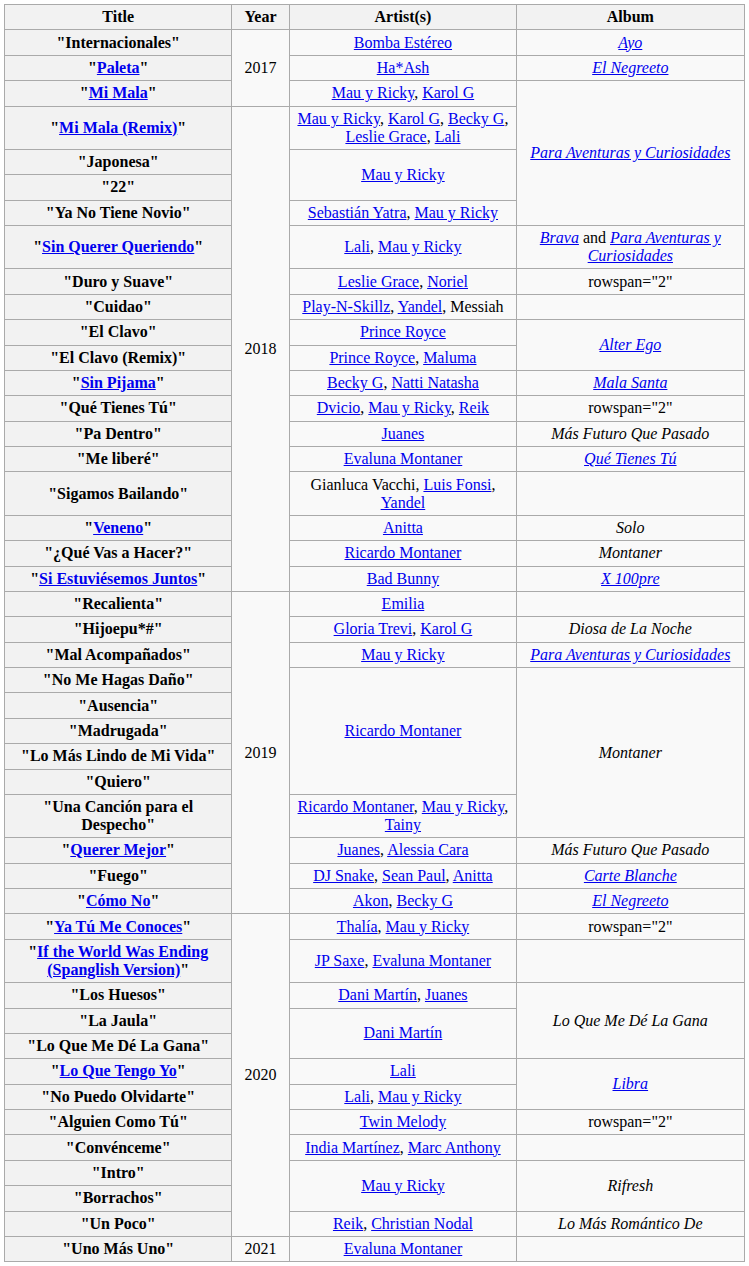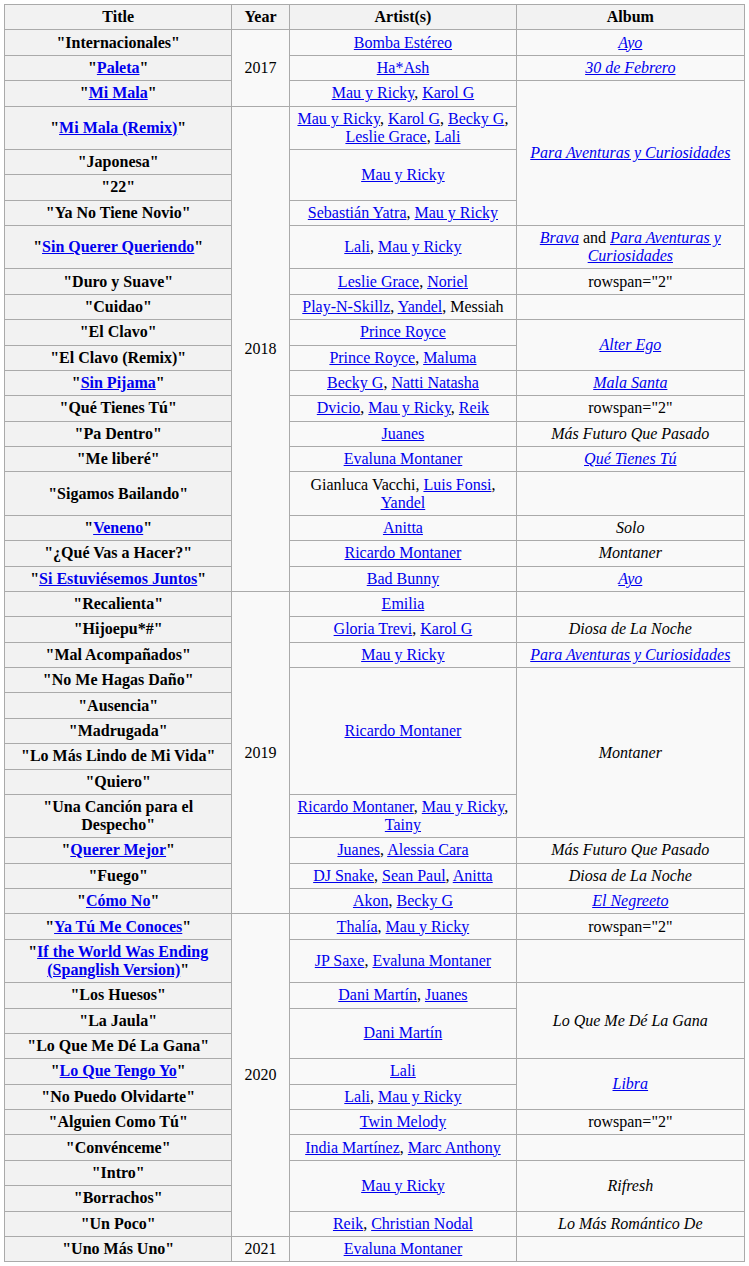 <table class="wikitable plainrowheaders" style="text-align:center;">
 <tr>
 <th scope="col" style="width:220px;">Title</th>
 <th scope="col" style="width:50px;">Year</th>
 <th scope="col" style="width:220px;">Artist(s)</th>
 <th scope="col" style="width:220px;">Album</th>
 </tr>
 <tr>
 <th scope="row">"Internacionales"</th>
 <td rowspan="3">2017</td>
 <td><a href='#'>Bomba Estéreo</a></td>
 <td><em><a href='#'>Ayo</a></em></td>
 </tr>
 <tr>
 <th scope="row">"<a href='#'>Paleta</a>"</th>
 <td><a href='#'>Ha*Ash</a></td>
-<td><em><a href='#'>El Negreeto</a></em></td>
+<td><em><a href='#'>30 de Febrero</a></em></td>
 </tr>
 <tr>
 <th scope="row">"<a href='#'>Mi Mala</a>"</th>
 <td><a href='#'>Mau y Ricky</a>, <a href='#'>Karol G</a></td>
 <td rowspan="5"><em><a href='#'>Para Aventuras y Curiosidades</a></em></td>
 </tr>
 <tr>
 <th scope="row">"<a href='#'>Mi Mala (Remix)</a>"</th>
 <td rowspan="17">2018</td>
 <td><a href='#'>Mau y Ricky</a>, <a href='#'>Karol G</a>, <a href='#'>Becky G</a>, <a href='#'>Leslie Grace</a>, <a href='#'>Lali</a></td>
 </tr>
 <tr>
 <th scope="row">"Japonesa"</th>
 <td rowspan="2"><a href='#'>Mau y Ricky</a></td>
 </tr>
 <tr>
 <th scope="row">"22"</th>
 </tr>
 <tr>
 <th scope="row">"Ya No Tiene Novio"</th>
 <td><a href='#'>Sebastián Yatra</a>, <a href='#'>Mau y Ricky</a></td>
 </tr>
 <tr>
 <th scope="row">"<a href='#'>Sin Querer Queriendo</a>"</th>
 <td><a href='#'>Lali</a>, <a href='#'>Mau y Ricky</a></td>
 <td><em><a href='#'>Brava</a></em> and <em><a href='#'>Para Aventuras y Curiosidades</a></em></td>
 </tr>
 <tr>
 <th scope="row">"Duro y Suave"</th>
 <td><a href='#'>Leslie Grace</a>, <a href='#'>Noriel</a></td>
 <td>rowspan="2" </td>
 </tr>
 <tr>
 <th scope="row">"Cuidao"</th>
 <td><a href='#'>Play-N-Skillz</a>, <a href='#'>Yandel</a>, Messiah</td>
 </tr>
 <tr>
 <th scope="row">"El Clavo"</th>
 <td><a href='#'>Prince Royce</a></td>
 <td rowspan="2"><em><a href='#'>Alter Ego</a></em></td>
 </tr>
 <tr>
 <th scope="row">"El Clavo (Remix)"</th>
 <td><a href='#'>Prince Royce</a>, <a href='#'>Maluma</a></td>
 </tr>
 <tr>
 <th scope="row">"<a href='#'>Sin Pijama</a>"</th>
 <td><a href='#'>Becky G</a>, <a href='#'>Natti Natasha</a></td>
 <td><em><a href='#'>Mala Santa</a></em></td>
 </tr>
 <tr>
 <th scope="row">"Qué Tienes Tú"</th>
 <td><a href='#'>Dvicio</a>, <a href='#'>Mau y Ricky</a>, <a href='#'>Reik</a></td>
 <td>rowspan="2" </td>
 </tr>
 <tr>
 <th scope="row">"Pa Dentro"</th>
 <td><a href='#'>Juanes</a></td>
 <td><em>Más Futuro Que Pasado</em></td>
 </tr>
 <tr>
 <th scope="row">"Me liberé"</th>
 <td><a href='#'>Evaluna Montaner</a></td>
 <td><em><a href='#'>Qué Tienes Tú</a></em></td>
 </tr>
 <tr>
 <th scope="row">"Sigamos Bailando"</th>
 <td>Gianluca Vacchi, <a href='#'>Luis Fonsi</a>, <a href='#'>Yandel</a></td>
 </tr>
 <tr>
 <th scope="row">"<a href='#'>Veneno</a>"</th>
 <td><a href='#'>Anitta</a></td>
 <td><em>Solo</em></td>
 </tr>
 <tr>
 <th scope="row">"¿Qué Vas a Hacer?"</th>
 <td><a href='#'>Ricardo Montaner</a></td>
 <td><em>Montaner</em></td>
 </tr>
 <tr>
 <th scope="row">"<a href='#'>Si Estuviésemos Juntos</a>"</th>
 <td><a href='#'>Bad Bunny</a></td>
-<td><em><a href='#'>X 100pre</a></em></td>
+<td><em><a href='#'>Ayo</a></em></td>
 </tr>
 <tr>
 <th scope="row">"Recalienta"</th>
 <td rowspan="12">2019</td>
 <td><a href='#'>Emilia</a></td>
 <td></td>
 </tr>
 <tr>
 <th scope="row">"Hijoepu*#"</th>
 <td><a href='#'>Gloria Trevi</a>, <a href='#'>Karol G</a></td>
 <td><em>Diosa de La Noche</em></td>
 </tr>
 <tr>
 <th scope="row">"Mal Acompañados"</th>
 <td><a href='#'>Mau y Ricky</a></td>
 <td><em><a href='#'>Para Aventuras y Curiosidades</a></em></td>
 </tr>
 <tr>
 <th scope="row">"No Me Hagas Daño"</th>
 <td rowspan="5"><a href='#'>Ricardo Montaner</a></td>
 <td rowspan="6"><em>Montaner</em></td>
 </tr>
 <tr>
 <th scope="row">"Ausencia"</th>
 </tr>
 <tr>
 <th scope="row">"Madrugada"</th>
 </tr>
 <tr>
 <th scope="row">"Lo Más Lindo de Mi Vida"</th>
 </tr>
 <tr>
 <th scope="row">"Quiero"</th>
 </tr>
 <tr>
 <th scope="row">"Una Canción para el Despecho"</th>
 <td><a href='#'>Ricardo Montaner</a>, <a href='#'>Mau y Ricky</a>, <a href='#'>Tainy</a></td>
 </tr>
 <tr>
 <th scope="row">"<a href='#'>Querer Mejor</a>"</th>
 <td><a href='#'>Juanes</a>, <a href='#'>Alessia Cara</a></td>
 <td><em>Más Futuro Que Pasado</em></td>
 </tr>
 <tr>
 <th scope="row">"Fuego"</th>
 <td><a href='#'>DJ Snake</a>, <a href='#'>Sean Paul</a>, <a href='#'>Anitta</a></td>
-<td><em><a href='#'>Carte Blanche</a></em></td>
+<td><em>Diosa de La Noche</em></td>
 </tr>
 <tr>
 <th scope="row">"<a href='#'>Cómo No</a>"</th>
 <td><a href='#'>Akon</a>, <a href='#'>Becky G</a></td>
 <td><em><a href='#'>El Negreeto</a></em></td>
 </tr>
 <tr>
 <th scope="row">"<a href='#'>Ya Tú Me Conoces</a>"</th>
 <td rowspan="12">2020</td>
 <td><a href='#'>Thalía</a>, <a href='#'>Mau y Ricky</a></td>
 <td>rowspan="2" </td>
 </tr>
 <tr>
 <th scope="row">"<a href='#'>If the World Was Ending (Spanglish Version)</a>"</th>
 <td><a href='#'>JP Saxe</a>, <a href='#'>Evaluna Montaner</a></td>
 </tr>
 <tr>
 <th scope="row">"Los Huesos"</th>
 <td><a href='#'>Dani Martín</a>, <a href='#'>Juanes</a></td>
 <td rowspan="3"><em>Lo Que Me Dé La Gana</em></td>
 </tr>
 <tr>
 <th scope="row">"La Jaula"</th>
 <td rowspan="2"><a href='#'>Dani Martín</a></td>
 </tr>
 <tr>
 <th scope="row">"Lo Que Me Dé La Gana"</th>
 </tr>
 <tr>
 <th scope="row">"<a href='#'>Lo Que Tengo Yo</a>"</th>
 <td><a href='#'>Lali</a></td>
 <td rowspan="2"><em><a href='#'>Libra</a></em></td>
 </tr>
 <tr>
 <th scope="row">"No Puedo Olvidarte"</th>
 <td><a href='#'>Lali</a>, <a href='#'>Mau y Ricky</a></td>
 </tr>
 <tr>
 <th scope="row">"Alguien Como Tú"</th>
 <td><a href='#'>Twin Melody</a></td>
 <td>rowspan="2" </td>
 </tr>
 <tr>
 <th scope="row">"Convénceme"</th>
 <td><a href='#'>India Martínez</a>, <a href='#'>Marc Anthony</a></td>
 </tr>
 <tr>
 <th scope="row">"Intro"</th>
 <td rowspan="2"><a href='#'>Mau y Ricky</a></td>
 <td rowspan="2"><em>Rifresh</em></td>
 </tr>
 <tr>
 <th scope="row">"Borrachos"</th>
 </tr>
 <tr>
 <th scope="row">"Un Poco"</th>
 <td><a href='#'>Reik</a>, <a href='#'>Christian Nodal</a></td>
 <td><em>Lo Más Romántico De</em></td>
 </tr>
 <tr>
 <th scope="row">"Uno Más Uno"</th>
 <td>2021</td>
 <td><a href='#'>Evaluna Montaner</a></td>
 <td></td>
 </tr>
 <tr>
 </tr>
 </table>
